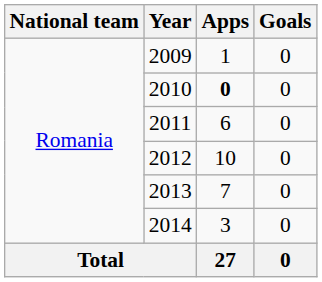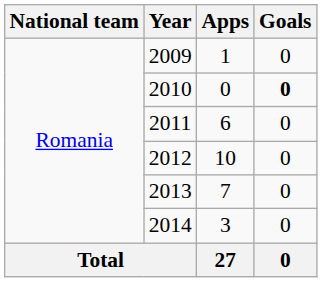 <table class="wikitable" style="text-align:center">
 <tr>
 <th>National team</th>
 <th>Year</th>
 <th>Apps</th>
 <th>Goals</th>
 </tr>
 <tr>
 <td rowspan=6><a href='#'>Romania</a></td>
 <td>2009</td>
 <td>1</td>
 <td>0</td>
 </tr>
 <tr>
 <td>2010</td>
+<td>0</td>
 <td><strong>0</strong></td>
-<td>0</td>
 </tr>
 <tr>
 <td>2011</td>
 <td>6</td>
 <td>0</td>
 </tr>
 <tr>
 <td>2012</td>
 <td>10</td>
 <td>0</td>
 </tr>
 <tr>
 <td>2013</td>
 <td>7</td>
 <td>0</td>
 </tr>
 <tr>
 <td>2014</td>
 <td>3</td>
 <td>0</td>
 </tr>
 <tr>
 <th colspan=2>Total</th>
 <th>27</th>
 <th>0</th>
 </tr>
 </table>
